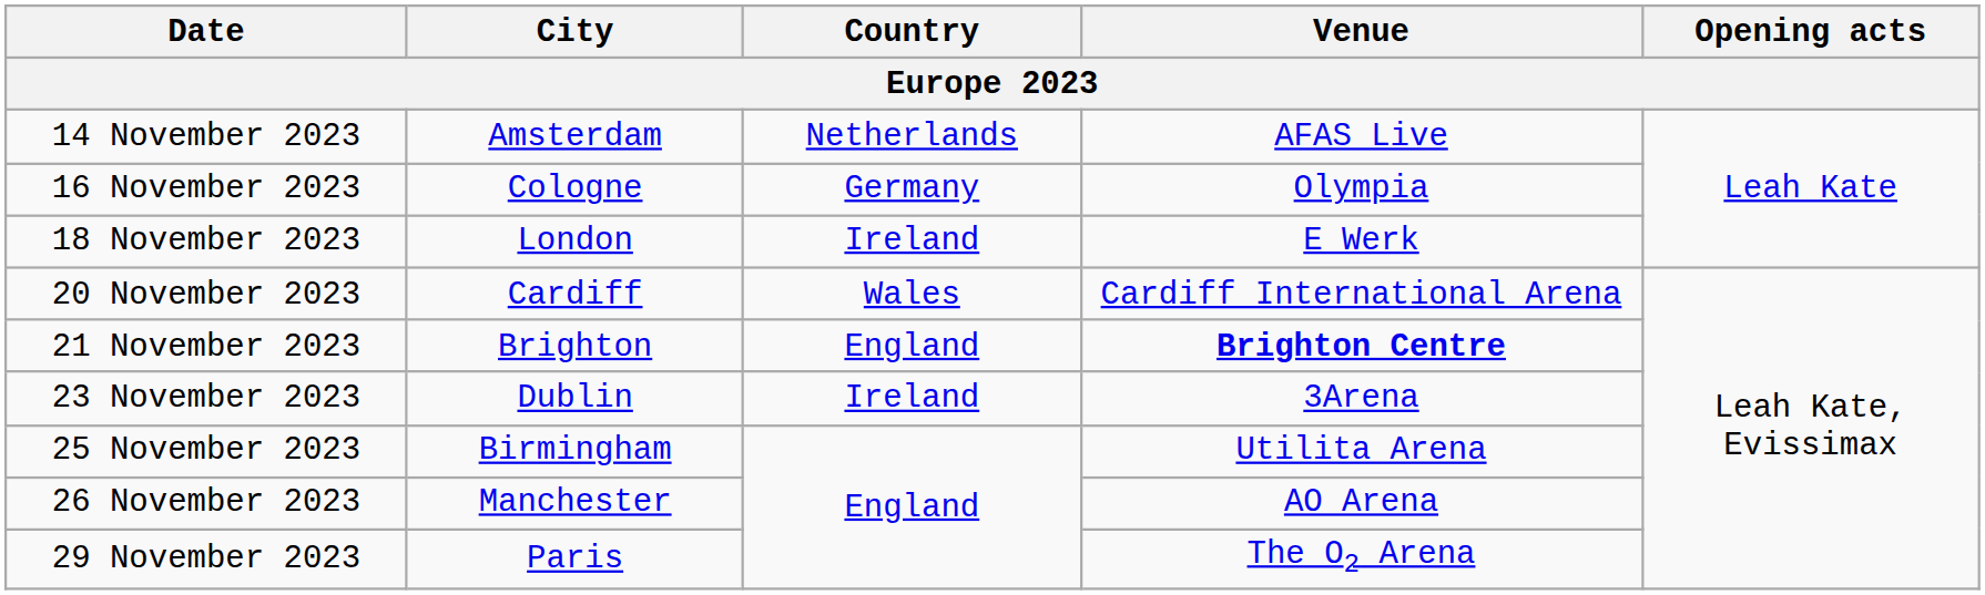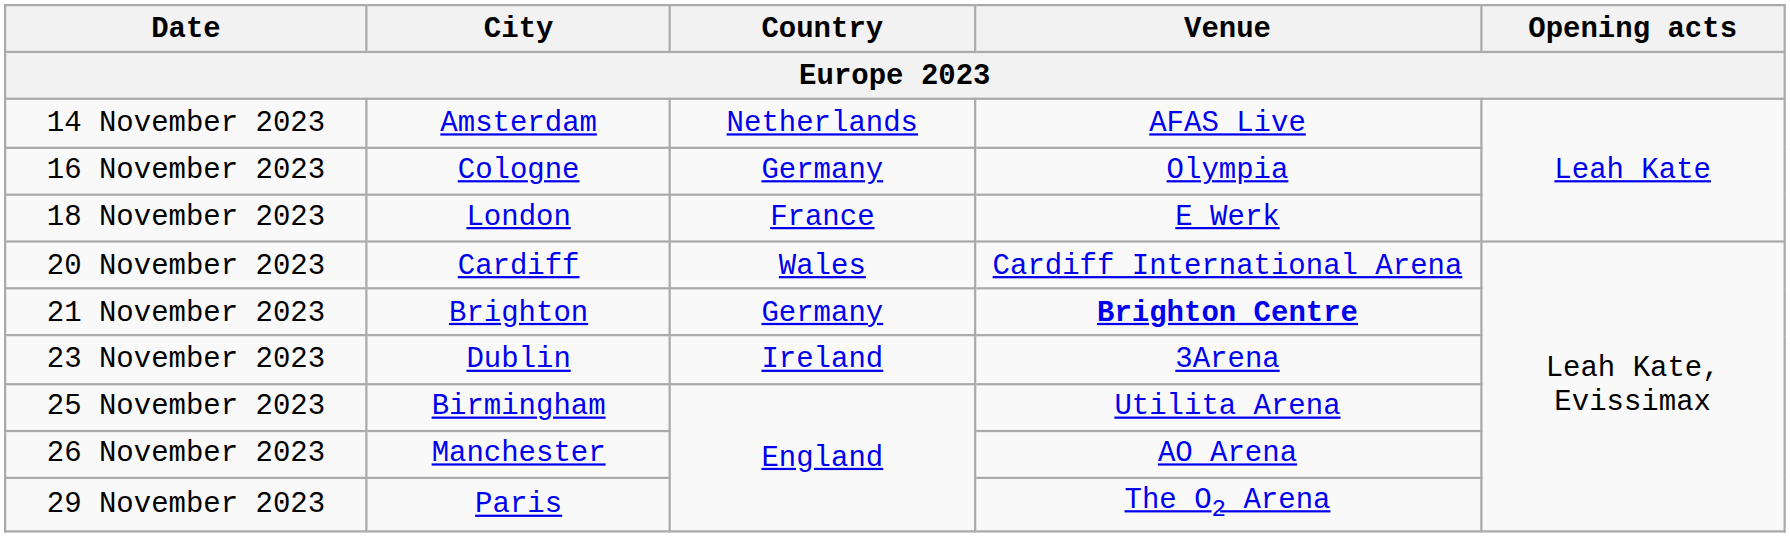 <table class="wikitable" style="text-align:center">
 <tr>
 <th scope="col" style="width:12em;">Date</th>
 <th scope="col" style="width:10em;">City</th>
 <th scope="col" style="width:10em;">Country</th>
 <th scope="col" style="width:17em;">Venue</th>
 <th scope="col" style="width:10em;">Opening acts</th>
 </tr>
 <tr>
 <th colspan="5">Europe 2023</th>
 </tr>
 <tr>
 <td>14 November 2023</td>
 <td><a href='#'>Amsterdam</a></td>
 <td><a href='#'>Netherlands</a></td>
 <td><a href='#'>AFAS Live</a></td>
 <td rowspan="3"><a href='#'>Leah Kate</a></td>
 </tr>
 <tr>
 <td>16 November 2023</td>
 <td><a href='#'>Cologne</a></td>
 <td><a href='#'>Germany</a></td>
 <td><a href='#'>Olympia</a></td>
 </tr>
 <tr>
 <td>18 November 2023</td>
 <td><a href='#'>London</a></td>
-<td><a href='#'>Ireland</a></td>
+<td><a href='#'>France</a></td>
 <td><a href='#'>E Werk</a></td>
 </tr>
 <tr>
 <td>20 November 2023</td>
 <td><a href='#'>Cardiff</a></td>
 <td><a href='#'>Wales</a></td>
 <td><a href='#'>Cardiff International Arena</a></td>
 <td rowspan="6">Leah Kate, Evissimax</td>
 </tr>
 <tr>
 <td>21 November 2023</td>
 <td><a href='#'>Brighton</a></td>
-<td><a href='#'>England</a></td>
+<td><a href='#'>Germany</a></td>
 <td><strong><a href='#'>Brighton Centre</a></strong></td>
 </tr>
 <tr>
 <td>23 November 2023</td>
 <td><a href='#'>Dublin</a></td>
 <td><a href='#'>Ireland</a></td>
 <td><a href='#'>3Arena</a></td>
 </tr>
 <tr>
 <td>25 November 2023</td>
 <td><a href='#'>Birmingham</a></td>
 <td rowspan="3"><a href='#'>England</a></td>
 <td><a href='#'>Utilita Arena</a></td>
 </tr>
 <tr>
 <td>26 November 2023</td>
 <td><a href='#'>Manchester</a></td>
 <td><a href='#'>AO Arena</a></td>
 </tr>
 <tr>
 <td>29 November 2023</td>
 <td><a href='#'>Paris</a></td>
 <td><a href='#'>The O<sub>2</sub> Arena</a></td>
 </tr>
 </table>
